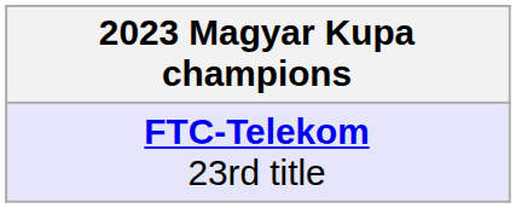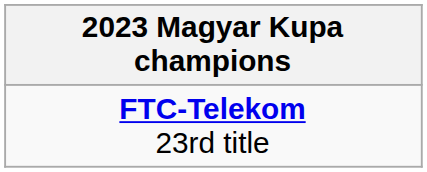 <table class=wikitable style="text-align:center; width:225px; margin:auto">
 <tr>
 <th>2023 Magyar Kupa champions</th>
 </tr>
 <tr>
-<td style="background: lavender;"><strong><a href='#'>FTC-Telekom</a></strong><br>23rd title</td>
+<td><strong><a href='#'>FTC-Telekom</a></strong><br>23rd title</td>
 </tr>
 </table>
